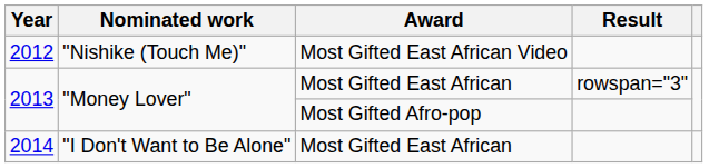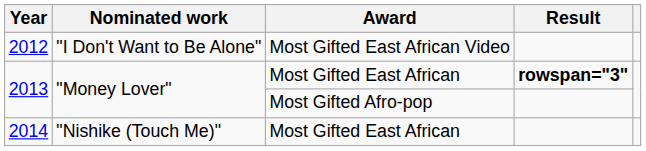 <table class ="wikitable">
 <tr>
 <th>Year</th>
 <th>Nominated work</th>
 <th>Award</th>
 <th>Result</th>
 <th></th>
 </tr>
 <tr>
 <td><a href='#'>2012</a></td>
-<td>"Nishike (Touch Me)"</td>
+<td>"I Don't Want to Be Alone" </td>
 <td>Most Gifted East African Video</td>
 <td></td>
 <td></td>
 </tr>
 <tr>
 <td rowspan="2"><a href='#'>2013</a></td>
 <td rowspan="2">"Money Lover"</td>
 <td>Most Gifted East African</td>
-<td>rowspan="3" </td>
+<td><strong>rowspan="3" </strong></td>
 <td rowspan="2"></td>
 </tr>
 <tr>
 <td>Most Gifted Afro-pop</td>
 </tr>
 <tr>
 <td><a href='#'>2014</a></td>
-<td>"I Don't Want to Be Alone" </td>
+<td>"Nishike (Touch Me)"</td>
 <td>Most Gifted East African</td>
 <td></td>
 </tr>
 </table>
